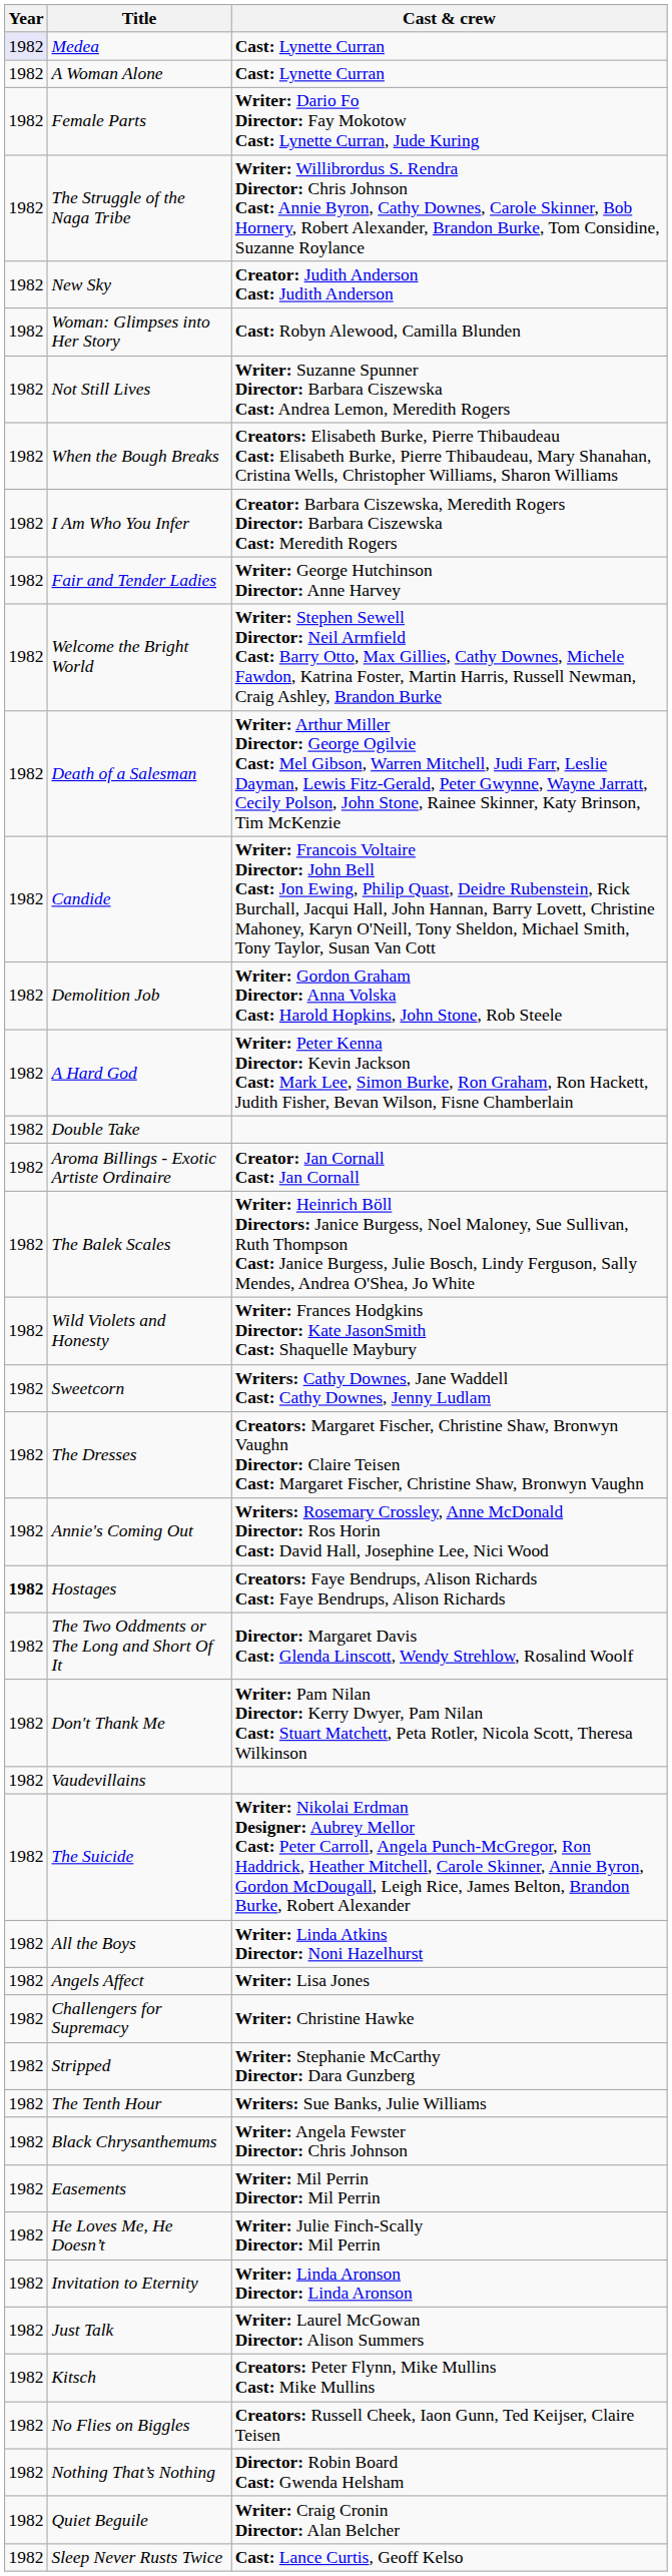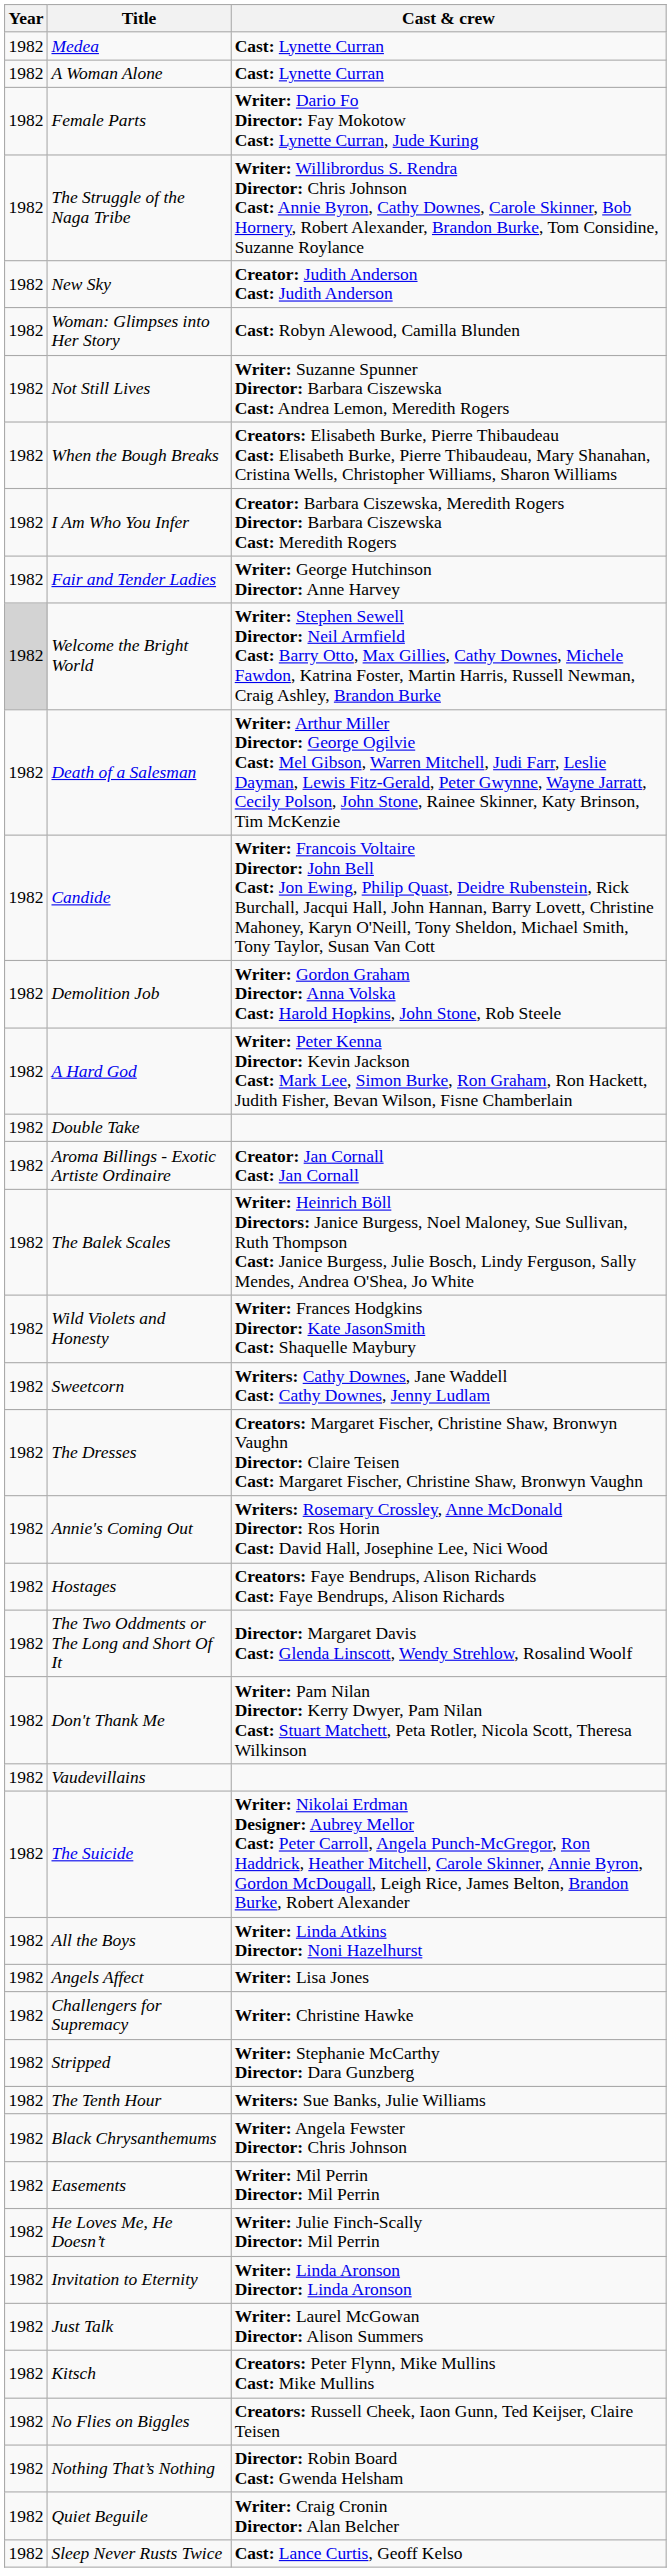 <table class="wikitable sortable">
 <tr>
 <th>Year</th>
 <th>Title</th>
 <th>Cast & crew</th>
 </tr>
 <tr>
-<td style="background: lavender;">1982</td>
+<td>1982</td>
 <td><em><a href='#'>Medea</a></em></td>
 <td><strong>Cast:</strong> <a href='#'>Lynette Curran</a></td>
 </tr>
 <tr>
 <td>1982</td>
 <td><em>A Woman Alone</em></td>
 <td><strong>Cast:</strong> <a href='#'>Lynette Curran</a></td>
 </tr>
 <tr>
 <td>1982</td>
 <td><em>Female Parts</em></td>
 <td><strong>Writer:</strong> <a href='#'>Dario Fo</a><br><strong>Director:</strong> Fay Mokotow<br><strong>Cast:</strong> <a href='#'>Lynette Curran</a>, <a href='#'>Jude Kuring</a></td>
 </tr>
 <tr>
 <td>1982</td>
 <td><em>The Struggle of the Naga Tribe</em></td>
 <td><strong>Writer:</strong> <a href='#'>Willibrordus S. Rendra</a><br><strong>Director:</strong> Chris Johnson<br><strong>Cast:</strong> <a href='#'>Annie Byron</a>, <a href='#'>Cathy Downes</a>, <a href='#'>Carole Skinner</a>, <a href='#'>Bob Hornery</a>, Robert Alexander, <a href='#'>Brandon Burke</a>, Tom Considine, Suzanne Roylance</td>
 </tr>
 <tr>
 <td>1982</td>
 <td><em>New Sky</em></td>
 <td><strong>Creator:</strong> <a href='#'>Judith Anderson</a><br><strong>Cast:</strong> <a href='#'>Judith Anderson</a></td>
 </tr>
 <tr>
 <td>1982</td>
 <td><em>Woman: Glimpses into Her Story</em></td>
 <td><strong>Cast:</strong> Robyn Alewood, Camilla Blunden</td>
 </tr>
 <tr>
 <td>1982</td>
 <td><em>Not Still Lives</em></td>
 <td><strong>Writer:</strong> Suzanne Spunner<br><strong>Director:</strong> Barbara Ciszewska<br><strong>Cast:</strong> Andrea Lemon, Meredith Rogers</td>
 </tr>
 <tr>
 <td>1982</td>
 <td><em>When the Bough Breaks</em></td>
 <td><strong>Creators:</strong> Elisabeth Burke, Pierre Thibaudeau<br><strong>Cast:</strong> Elisabeth Burke, Pierre Thibaudeau, Mary Shanahan, Cristina Wells, Christopher Williams, Sharon Williams</td>
 </tr>
 <tr>
 <td>1982</td>
 <td><em>I Am Who You Infer</em></td>
 <td><strong>Creator:</strong> Barbara Ciszewska, Meredith Rogers<br><strong>Director:</strong> Barbara Ciszewska<br><strong>Cast:</strong> Meredith Rogers</td>
 </tr>
 <tr>
 <td>1982</td>
 <td><em><a href='#'>Fair and Tender Ladies</a></em></td>
 <td><strong>Writer:</strong> George Hutchinson<br><strong>Director:</strong> Anne Harvey</td>
 </tr>
 <tr>
-<td>1982</td>
+<td style="background: lightgrey;">1982</td>
 <td><em>Welcome the Bright World</em></td>
 <td><strong>Writer:</strong> <a href='#'>Stephen Sewell</a><br><strong>Director:</strong> <a href='#'>Neil Armfield</a><br><strong>Cast:</strong> <a href='#'>Barry Otto</a>, <a href='#'>Max Gillies</a>, <a href='#'>Cathy Downes</a>, <a href='#'>Michele Fawdon</a>, Katrina Foster, Martin Harris, Russell Newman, Craig Ashley, <a href='#'>Brandon Burke</a></td>
 </tr>
 <tr>
 <td>1982</td>
 <td><em><a href='#'>Death of a Salesman</a></em></td>
 <td><strong>Writer:</strong> <a href='#'>Arthur Miller</a><br><strong>Director:</strong> <a href='#'>George Ogilvie</a><br><strong>Cast:</strong> <a href='#'>Mel Gibson</a>, <a href='#'>Warren Mitchell</a>, <a href='#'>Judi Farr</a>, <a href='#'>Leslie Dayman</a>, <a href='#'>Lewis Fitz-Gerald</a>, <a href='#'>Peter Gwynne</a>, <a href='#'>Wayne Jarratt</a>, <a href='#'>Cecily Polson</a>, <a href='#'>John Stone</a>, Rainee Skinner, Katy Brinson, Tim McKenzie</td>
 </tr>
 <tr>
 <td>1982</td>
 <td><em><a href='#'>Candide</a></em></td>
 <td><strong>Writer:</strong> <a href='#'>Francois Voltaire</a><br><strong>Director:</strong> <a href='#'>John Bell</a><br><strong>Cast:</strong> <a href='#'>Jon Ewing</a>, <a href='#'>Philip Quast</a>, <a href='#'>Deidre Rubenstein</a>, Rick Burchall, Jacqui Hall, John Hannan, Barry Lovett, Christine Mahoney, Karyn O'Neill, Tony Sheldon, Michael Smith, Tony Taylor, Susan Van Cott</td>
 </tr>
 <tr>
 <td>1982</td>
 <td><em>Demolition Job</em></td>
 <td><strong>Writer:</strong> <a href='#'>Gordon Graham</a><br><strong>Director:</strong> <a href='#'>Anna Volska</a><br><strong>Cast:</strong> <a href='#'>Harold Hopkins</a>, <a href='#'>John Stone</a>, Rob Steele</td>
 </tr>
 <tr>
 <td>1982</td>
 <td><em><a href='#'>A Hard God</a></em> </td>
 <td><strong>Writer: </strong><a href='#'>Peter Kenna</a><br><strong>Director:</strong> Kevin Jackson<br><strong>Cast:</strong> <a href='#'>Mark Lee</a>, <a href='#'>Simon Burke</a>, <a href='#'>Ron Graham</a>, Ron Hackett, Judith Fisher, Bevan Wilson, Fisne Chamberlain</td>
 </tr>
 <tr>
 <td>1982</td>
 <td><em>Double Take</em></td>
 <td></td>
 </tr>
 <tr>
 <td>1982</td>
 <td><em>Aroma Billings - Exotic Artiste Ordinaire</em></td>
 <td><strong>Creator:</strong> <a href='#'>Jan Cornall</a><br><strong>Cast:</strong> <a href='#'>Jan Cornall</a></td>
 </tr>
 <tr>
 <td>1982</td>
 <td><em>The Balek Scales</em></td>
 <td><strong>Writer:</strong> <a href='#'>Heinrich Böll</a><br><strong>Directors:</strong> Janice Burgess, Noel Maloney, Sue Sullivan, Ruth Thompson<br><strong>Cast:</strong> Janice Burgess, Julie Bosch, Lindy Ferguson, Sally Mendes, Andrea O'Shea, Jo White</td>
 </tr>
 <tr>
 <td>1982</td>
 <td><em>Wild Violets and Honesty</em></td>
 <td><strong>Writer:</strong> Frances Hodgkins<br><strong>Director:</strong> <a href='#'>Kate JasonSmith</a><br><strong>Cast:</strong> Shaquelle Maybury</td>
 </tr>
 <tr>
 <td>1982</td>
 <td><em>Sweetcorn</em></td>
 <td><strong>Writers:</strong> <a href='#'>Cathy Downes</a>, Jane Waddell<br><strong>Cast:</strong> <a href='#'>Cathy Downes</a>, <a href='#'>Jenny Ludlam</a></td>
 </tr>
 <tr>
 <td>1982</td>
 <td><em>The Dresses</em></td>
 <td><strong>Creators:</strong> Margaret Fischer, Christine Shaw, Bronwyn Vaughn<br><strong>Director:</strong> Claire Teisen<br><strong>Cast:</strong> Margaret Fischer, Christine Shaw, Bronwyn Vaughn</td>
 </tr>
 <tr>
 <td>1982</td>
 <td><em>Annie's Coming Out</em></td>
 <td><strong>Writers:</strong> <a href='#'>Rosemary Crossley</a>, <a href='#'>Anne McDonald</a><br><strong>Director:</strong> Ros Horin<br><strong>Cast:</strong> David Hall, Josephine Lee, Nici Wood</td>
 </tr>
 <tr>
-<td><strong>1982</strong></td>
+<td>1982</td>
 <td><em>Hostages</em></td>
 <td><strong>Creators:</strong> Faye Bendrups, Alison Richards<br><strong>Cast:</strong> Faye Bendrups, Alison Richards</td>
 </tr>
 <tr>
 <td>1982</td>
 <td><em>The Two Oddments or The Long and Short Of It</em></td>
 <td><strong>Director:</strong> Margaret Davis<br><strong>Cast:</strong> <a href='#'>Glenda Linscott</a>, <a href='#'>Wendy Strehlow</a>, Rosalind Woolf</td>
 </tr>
 <tr>
 <td>1982</td>
 <td><em>Don't Thank Me</em></td>
 <td><strong>Writer:</strong> Pam Nilan<br><strong>Director:</strong> Kerry Dwyer, Pam Nilan<br><strong>Cast:</strong> <a href='#'>Stuart Matchett</a>, Peta Rotler, Nicola Scott, Theresa Wilkinson</td>
 </tr>
 <tr>
 <td>1982</td>
 <td><em>Vaudevillains</em></td>
 <td></td>
 </tr>
 <tr>
 <td>1982</td>
 <td><em><a href='#'>The Suicide</a></em></td>
 <td><strong>Writer:</strong> <a href='#'>Nikolai Erdman</a><br><strong>Designer:</strong> <a href='#'>Aubrey Mellor</a><br><strong>Cast:</strong> <a href='#'>Peter Carroll</a>, <a href='#'>Angela Punch-McGregor</a>, <a href='#'>Ron Haddrick</a>, <a href='#'>Heather Mitchell</a>, <a href='#'>Carole Skinner</a>, <a href='#'>Annie Byron</a>, <a href='#'>Gordon McDougall</a>, Leigh Rice, James Belton, <a href='#'>Brandon Burke</a>, Robert Alexander</td>
 </tr>
 <tr>
 <td>1982</td>
 <td><em>All the Boys</em></td>
 <td><strong>Writer:</strong> <a href='#'>Linda Atkins</a><br><strong>Director:</strong> <a href='#'>Noni Hazelhurst</a></td>
 </tr>
 <tr>
 <td>1982</td>
 <td><em>Angels Affect</em></td>
 <td><strong>Writer:</strong> Lisa Jones</td>
 </tr>
 <tr>
 <td>1982</td>
 <td><em>Challengers for Supremacy</em></td>
 <td><strong>Writer:</strong> Christine Hawke</td>
 </tr>
 <tr>
 <td>1982</td>
 <td><em>Stripped</em></td>
 <td><strong>Writer:</strong> Stephanie McCarthy<br><strong>Director:</strong> Dara Gunzberg</td>
 </tr>
 <tr>
 <td>1982</td>
 <td><em>The Tenth Hour</em></td>
 <td><strong>Writers:</strong> Sue Banks, Julie Williams</td>
 </tr>
 <tr>
 <td>1982</td>
 <td><em>Black Chrysanthemums</em></td>
 <td><strong>Writer:</strong> Angela Fewster<br><strong>Director:</strong> Chris Johnson</td>
 </tr>
 <tr>
 <td>1982</td>
 <td><em>Easements</em></td>
 <td><strong>Writer:</strong> Mil Perrin<br><strong>Director:</strong> Mil Perrin</td>
 </tr>
 <tr>
 <td>1982</td>
 <td><em>He Loves Me, He Doesn’t</em></td>
 <td><strong>Writer:</strong> Julie Finch-Scally<br><strong>Director:</strong> Mil Perrin</td>
 </tr>
 <tr>
 <td>1982</td>
 <td><em>Invitation to Eternity</em></td>
 <td><strong>Writer:</strong> <a href='#'>Linda Aronson</a><br><strong>Director:</strong> <a href='#'>Linda Aronson</a></td>
 </tr>
 <tr>
 <td>1982</td>
 <td><em>Just Talk</em></td>
 <td><strong>Writer:</strong> Laurel McGowan<br><strong>Director:</strong> Alison Summers</td>
 </tr>
 <tr>
 <td>1982</td>
 <td><em>Kitsch</em></td>
 <td><strong>Creators:</strong> Peter Flynn, Mike Mullins<br><strong>Cast:</strong> Mike Mullins</td>
 </tr>
 <tr>
 <td>1982</td>
 <td><em>No Flies on Biggles</em></td>
 <td><strong>Creators:</strong> Russell Cheek, Iaon Gunn, Ted Keijser, Claire Teisen</td>
 </tr>
 <tr>
 <td>1982</td>
 <td><em>Nothing That’s Nothing</em></td>
 <td><strong>Director:</strong> Robin Board<br><strong>Cast:</strong> Gwenda Helsham</td>
 </tr>
 <tr>
 <td>1982</td>
 <td><em>Quiet Beguile</em></td>
 <td><strong>Writer:</strong> Craig Cronin<br><strong>Director:</strong> Alan Belcher</td>
 </tr>
 <tr>
 <td>1982</td>
 <td><em>Sleep Never Rusts Twice</em></td>
 <td><strong>Cast:</strong> <a href='#'>Lance Curtis</a>, Geoff Kelso</td>
 </tr>
 </table>
